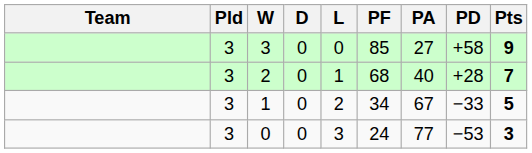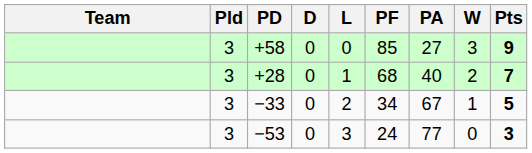 <table class="wikitable" style="text-align:center;">
 <tr>
 <th width=175>Team</th>
 <th width=25 abbr="Played">Pld</th>
-<th width=25 abbr="Won">W</th>
+<th width=32 abbr="Points difference">PD</th>
 <th width=25 abbr="Drawn">D</th>
 <th width=25 abbr="Lost">L</th>
 <th width=32 abbr="Points for">PF</th>
 <th width=32 abbr="Points against">PA</th>
-<th width=32 abbr="Points difference">PD</th>
+<th width=25 abbr="Won">W</th>
 <th width=25 abbr="Points">Pts</th>
 </tr>
 <tr bgcolor="#ccffcc">
 <td align=left></td>
 <td>3</td>
-<td>3</td>
+<td>+58</td>
 <td>0</td>
 <td>0</td>
 <td>85</td>
 <td>27</td>
-<td>+58</td>
+<td>3</td>
 <td><strong>9</strong></td>
 </tr>
 <tr bgcolor="#ccffcc">
 <td align=left></td>
 <td>3</td>
-<td>2</td>
+<td>+28</td>
 <td>0</td>
 <td>1</td>
 <td>68</td>
 <td>40</td>
-<td>+28</td>
+<td>2</td>
 <td><strong>7</strong></td>
 </tr>
 <tr>
 <td align=left></td>
 <td>3</td>
-<td>1</td>
+<td>−33</td>
 <td>0</td>
 <td>2</td>
 <td>34</td>
 <td>67</td>
-<td>−33</td>
+<td>1</td>
 <td><strong>5</strong></td>
 </tr>
 <tr>
 <td align=left></td>
 <td>3</td>
-<td>0</td>
+<td>−53</td>
 <td>0</td>
 <td>3</td>
 <td>24</td>
 <td>77</td>
-<td>−53</td>
+<td>0</td>
 <td><strong>3</strong></td>
 </tr>
 </table>
